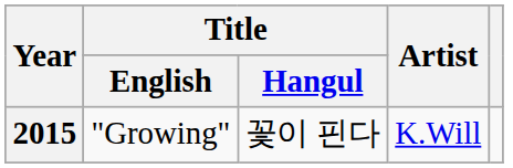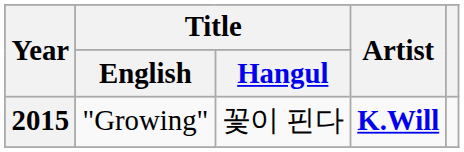 <table class="wikitable plainrowheaders">
 <tr>
 <th rowspan="2">Year</th>
 <th colspan="2">Title</th>
 <th rowspan="2">Artist</th>
 <th rowspan="2"></th>
 </tr>
 <tr>
 <th>English</th>
 <th><a href='#'>Hangul</a></th>
 </tr>
 <tr>
 <th scope="row">2015</th>
 <td>"Growing"</td>
 <td>꽃이 핀다</td>
-<td><a href='#'>K.Will</a></td>
+<td><strong><a href='#'>K.Will</a></strong></td>
 <td style="text-align:center"></td>
 </tr>
 </table>
